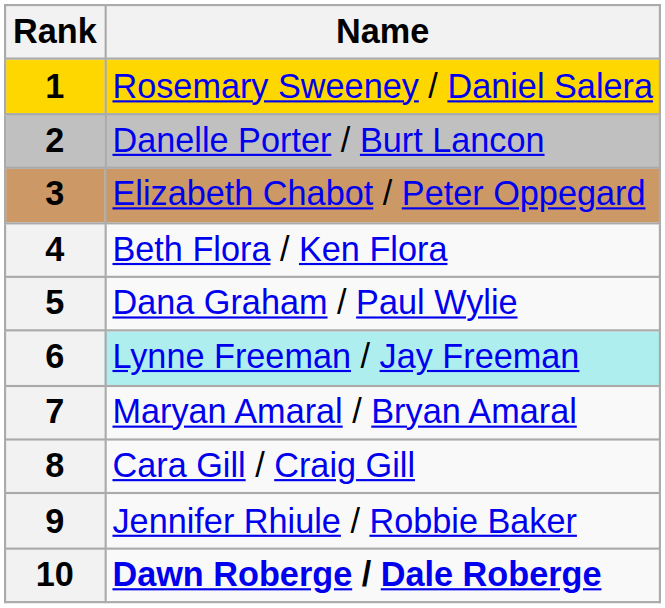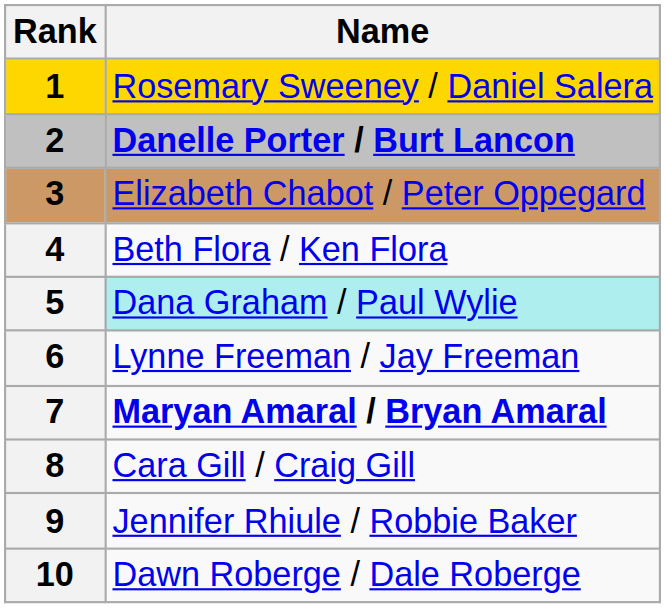 <table class="wikitable">
 <tr>
 <th>Rank</th>
 <th>Name</th>
 </tr>
 <tr bgcolor="gold">
 <td align="center"><strong>1</strong></td>
 <td><a href='#'>Rosemary Sweeney</a> / <a href='#'>Daniel Salera</a></td>
 </tr>
 <tr bgcolor="silver">
 <td align="center"><strong>2</strong></td>
-<td><a href='#'>Danelle Porter</a> / <a href='#'>Burt Lancon</a></td>
+<td><strong><a href='#'>Danelle Porter</a> / <a href='#'>Burt Lancon</a></strong></td>
 </tr>
 <tr bgcolor="cc9966">
 <td align="center"><strong>3</strong></td>
 <td><a href='#'>Elizabeth Chabot</a> / <a href='#'>Peter Oppegard</a></td>
 </tr>
 <tr>
 <th>4</th>
 <td><a href='#'>Beth Flora</a> / <a href='#'>Ken Flora</a></td>
 </tr>
 <tr>
 <th>5</th>
-<td><a href='#'>Dana Graham</a> / <a href='#'>Paul Wylie</a></td>
+<td style="background: paleturquoise;"><a href='#'>Dana Graham</a> / <a href='#'>Paul Wylie</a></td>
 </tr>
 <tr>
 <th>6</th>
-<td style="background: paleturquoise;"><a href='#'>Lynne Freeman</a> / <a href='#'>Jay Freeman</a></td>
+<td><a href='#'>Lynne Freeman</a> / <a href='#'>Jay Freeman</a></td>
 </tr>
 <tr>
 <th>7</th>
-<td><a href='#'>Maryan Amaral</a> / <a href='#'>Bryan Amaral</a></td>
+<td><strong><a href='#'>Maryan Amaral</a> / <a href='#'>Bryan Amaral</a></strong></td>
 </tr>
 <tr>
 <th>8</th>
 <td><a href='#'>Cara Gill</a> / <a href='#'>Craig Gill</a></td>
 </tr>
 <tr>
 <th>9</th>
 <td><a href='#'>Jennifer Rhiule</a> / <a href='#'>Robbie Baker</a></td>
 </tr>
 <tr>
 <th>10</th>
-<td><strong><a href='#'>Dawn Roberge</a> / <a href='#'>Dale Roberge</a></strong></td>
+<td><a href='#'>Dawn Roberge</a> / <a href='#'>Dale Roberge</a></td>
 </tr>
 </table>
